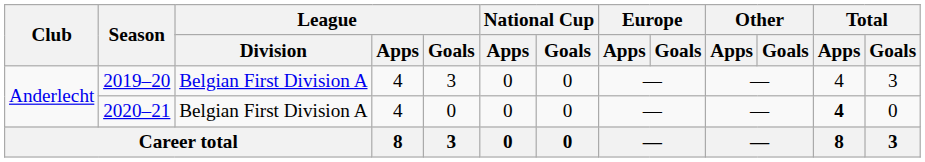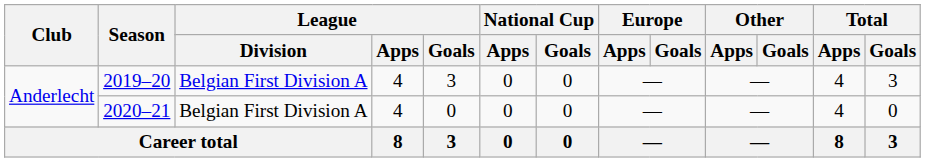 <table class=wikitable style=text-align:center>
 <tr>
 <th rowspan=2>Club</th>
 <th rowspan=2>Season</th>
 <th colspan=3>League</th>
 <th colspan=2>National Cup</th>
 <th colspan=2>Europe</th>
 <th colspan=2>Other</th>
 <th colspan=2>Total</th>
 </tr>
 <tr>
 <th>Division</th>
 <th>Apps</th>
 <th>Goals</th>
 <th>Apps</th>
 <th>Goals</th>
 <th>Apps</th>
 <th>Goals</th>
 <th>Apps</th>
 <th>Goals</th>
 <th>Apps</th>
 <th>Goals</th>
 </tr>
 <tr>
 <td rowspan="2"><a href='#'>Anderlecht</a></td>
 <td><a href='#'>2019–20</a></td>
 <td><a href='#'>Belgian First Division A</a></td>
 <td>4</td>
 <td>3</td>
 <td>0</td>
 <td>0</td>
 <td colspan=2>—</td>
 <td colspan=2>—</td>
 <td>4</td>
 <td>3</td>
 </tr>
 <tr>
 <td><a href='#'>2020–21</a></td>
 <td>Belgian First Division A</td>
 <td>4</td>
 <td>0</td>
 <td>0</td>
 <td>0</td>
 <td colspan="2">—</td>
 <td colspan="2">—</td>
-<td><strong>4</strong></td>
+<td>4</td>
 <td>0</td>
 </tr>
 <tr>
 <th colspan="3">Career total</th>
 <th>8</th>
 <th>3</th>
 <th>0</th>
 <th>0</th>
 <th colspan="2">—</th>
 <th colspan="2">—</th>
 <th>8</th>
 <th>3</th>
 </tr>
 </table>
